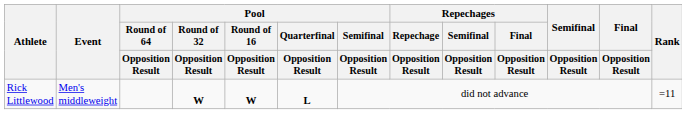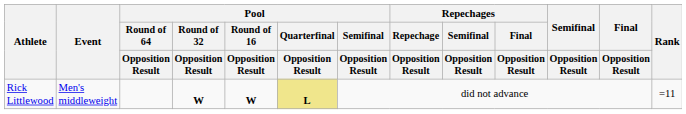 <table class="wikitable" style="font-size:90%;">
 <tr>
 <th rowspan=3>Athlete</th>
 <th rowspan=3>Event</th>
 <th colspan=5>Pool</th>
 <th colspan=3>Repechages</th>
 <th rowspan=2>Semifinal</th>
 <th rowspan=2>Final</th>
 <th rowspan=3>Rank</th>
 </tr>
 <tr style="font-size: 95%">
 <th>Round of 64</th>
 <th>Round of 32</th>
 <th>Round of 16</th>
 <th>Quarterfinal</th>
 <th>Semifinal</th>
 <th>Repechage</th>
 <th>Semifinal</th>
 <th>Final</th>
 </tr>
 <tr style="font-size: 95%">
 <th>Opposition<br>Result</th>
 <th>Opposition<br>Result</th>
 <th>Opposition<br>Result</th>
 <th>Opposition<br>Result</th>
 <th>Opposition<br>Result</th>
 <th>Opposition<br>Result</th>
 <th>Opposition<br>Result</th>
 <th>Opposition<br>Result</th>
 <th>Opposition<br>Result</th>
 <th>Opposition<br>Result</th>
 </tr>
 <tr align=center>
 <td align=left><a href='#'>Rick Littlewood</a></td>
 <td align=left><a href='#'>Men's middleweight</a></td>
 <td></td>
 <td><br><strong>W</strong></td>
 <td><br><strong>W</strong></td>
-<td><br><strong>L</strong></td>
+<td style="background: khaki;"><br><strong>L</strong></td>
 <td colspan=6>did not advance</td>
 <td>=11</td>
 </tr>
 </table>
